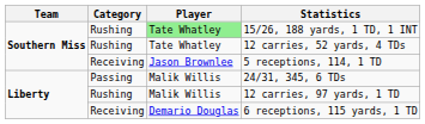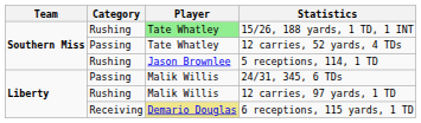 <table class="wikitable" style="float: left;">
 <tr>
 <th>Team</th>
 <th>Category</th>
 <th>Player</th>
 <th>Statistics</th>
 </tr>
 <tr>
 <td rowspan=3><strong>Southern Miss</strong></td>
 <td>Rushing</td>
 <td style="background: lightgreen;">Tate Whatley</td>
 <td>15/26, 188 yards, 1 TD, 1 INT</td>
 </tr>
 <tr>
-<td>Rushing</td>
+<td>Passing</td>
 <td>Tate Whatley</td>
 <td>12 carries, 52 yards, 4 TDs</td>
 </tr>
 <tr>
-<td>Receiving</td>
+<td>Rushing</td>
 <td><a href='#'>Jason Brownlee</a></td>
 <td>5 receptions, 114, 1 TD</td>
 </tr>
 <tr>
 <td rowspan=3><strong>Liberty</strong></td>
 <td>Passing</td>
 <td>Malik Willis</td>
 <td>24/31, 345, 6 TDs</td>
 </tr>
 <tr>
 <td>Rushing</td>
 <td>Malik Willis</td>
 <td>12 carries, 97 yards, 1 TD</td>
 </tr>
 <tr>
 <td>Receiving</td>
-<td><a href='#'>Demario Douglas</a></td>
+<td style="background: khaki;"><a href='#'>Demario Douglas</a></td>
 <td>6 receptions, 115 yards, 1 TD</td>
 </tr>
 </table>
